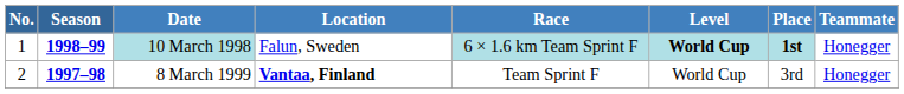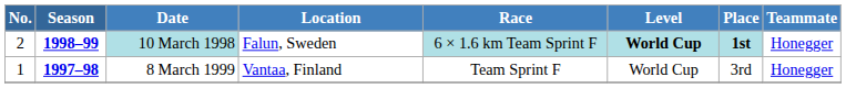 <table class="wikitable sortable" style="font-size:95%; text-align:center; border:grey solid 1px; border-collapse:collapse; background:#ffffff;">
 <tr style="background:#efefef;">
 <th style="background-color:#369; color:white;">No.</th>
 <th style="background-color:#369; color:white;">Season</th>
 <th style="background-color:#4180be; color:white; width:120px;">Date</th>
 <th style="background-color:#4180be; color:white; width:170px;">Location</th>
 <th style="background-color:#4180be; color:white; width:170px;">Race</th>
 <th style="background-color:#4180be; color:white; width:100px;">Level</th>
 <th style="background-color:#4180be; color:white;">Place</th>
 <th style="background-color:#4180be; color:white;">Teammate</th>
 </tr>
 <tr>
-<td align=center>1</td>
+<td align=center>2</td>
 <td rowspan=1 align=center><strong> <a href='#'>1998–99</a> </strong></td>
 <td bgcolor="#BOEOE6" align=right>10 March 1998</td>
 <td align=left> <a href='#'>Falun</a>, Sweden</td>
 <td bgcolor="#BOEOE6">6 × 1.6 km Team Sprint F</td>
 <td bgcolor="#BOEOE6"><strong>World Cup</strong></td>
 <td bgcolor="#BOEOE6"><strong>1st</strong></td>
 <td><a href='#'>Honegger</a></td>
 </tr>
 <tr>
-<td align=center>2</td>
+<td align=center>1</td>
 <td rowspan=1 align=center><strong><a href='#'>1997–98</a></strong></td>
 <td align=right>8 March 1999</td>
-<td align=left><strong> <a href='#'>Vantaa</a>, Finland</strong></td>
+<td align=left> <a href='#'>Vantaa</a>, Finland</td>
 <td>Team Sprint F</td>
 <td>World Cup</td>
 <td>3rd</td>
 <td><a href='#'>Honegger</a></td>
 </tr>
 <tr>
 </tr>
 </table>
